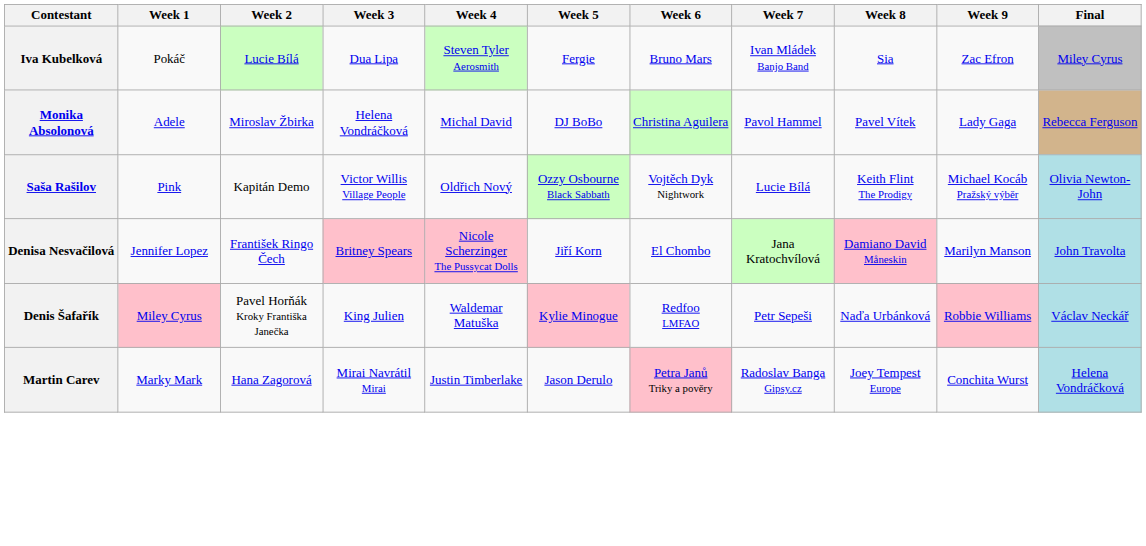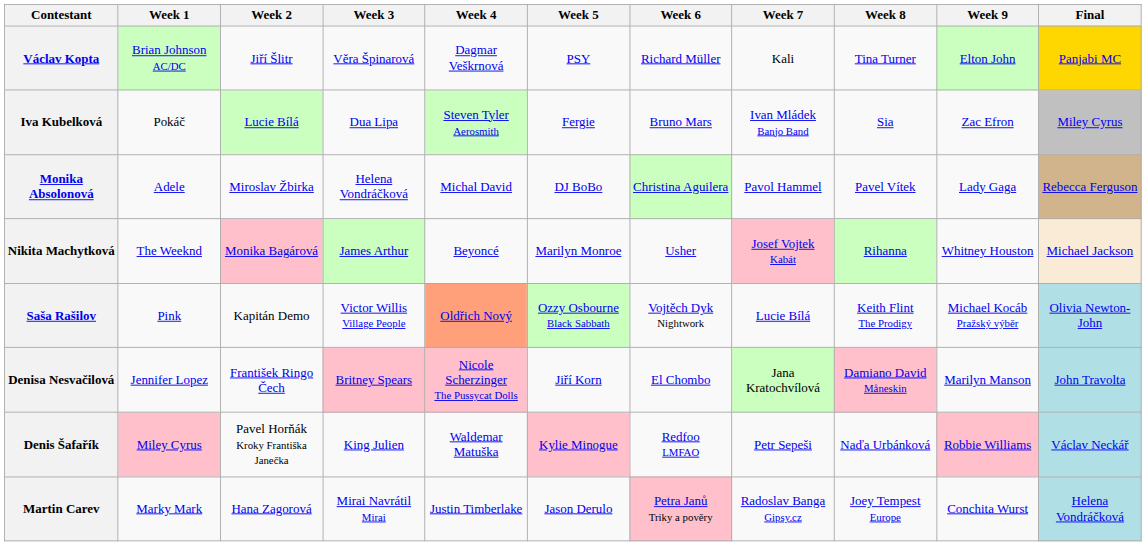 <table class="wikitable" style="font-size:90%; text-align:center; margin-left: auto; margin-right: auto">
 <tr>
 <th style="width: 10%;">Contestant</th>
 <th style="width: 9%;">Week 1</th>
 <th style="width: 9%;">Week 2</th>
 <th style="width: 9%;">Week 3</th>
 <th style="width: 9%;">Week 4</th>
 <th style="width: 9%;">Week 5</th>
 <th style="width: 9%;">Week 6</th>
 <th style="width: 9%;">Week 7</th>
 <th style="width: 9%;">Week 8</th>
 <th style="width: 9%;">Week 9</th>
 <th style="width: 9%;">Final</th>
+</tr>
+<tr>
+<th style=height:4.5em><a href='#'>Václav Kopta</a></th>
+<td style="background:#cbffc0"><a href='#'>Brian Johnson</a><br><small><a href='#'>AC/DC</a></small></td>
+<td><a href='#'>Jiří Šlitr</a></td>
+<td><a href='#'>Věra Špinarová</a></td>
+<td><a href='#'>Dagmar Veškrnová</a></td>
+<td><a href='#'>PSY</a></td>
+<td><a href='#'>Richard Müller</a></td>
+<td>Kali</td>
+<td><a href='#'>Tina Turner</a></td>
+<td style="background:#cbffc0"><a href='#'>Elton John</a></td>
+<td style="background:gold"><a href='#'>Panjabi MC</a></td>
 </tr>
 <tr>
 <th style=height:4.5em>Iva Kubelková</th>
 <td>Pokáč</td>
 <td style="background:#cbffc0"><a href='#'>Lucie Bílá</a></td>
 <td><a href='#'>Dua Lipa</a></td>
 <td style="background:#cbffc0"><a href='#'>Steven Tyler</a><br><small><a href='#'>Aerosmith</a></small></td>
 <td><a href='#'>Fergie</a></td>
 <td><a href='#'>Bruno Mars</a></td>
 <td><a href='#'>Ivan Mládek</a><br><small><a href='#'>Banjo Band</a></small></td>
 <td><a href='#'>Sia</a></td>
 <td><a href='#'>Zac Efron</a></td>
 <td style="background:silver"><a href='#'>Miley Cyrus</a></td>
 </tr>
 <tr>
 <th style=height:4.5em><a href='#'>Monika Absolonová</a></th>
 <td><a href='#'>Adele</a></td>
 <td><a href='#'>Miroslav Žbirka</a></td>
 <td><a href='#'>Helena Vondráčková</a></td>
 <td><a href='#'>Michal David</a></td>
 <td><a href='#'>DJ BoBo</a></td>
 <td style="background:#cbffc0"><a href='#'>Christina Aguilera</a></td>
 <td><a href='#'>Pavol Hammel</a></td>
 <td><a href='#'>Pavel Vítek</a></td>
 <td><a href='#'>Lady Gaga</a></td>
 <td style="background:tan"><a href='#'>Rebecca Ferguson</a></td>
 </tr>
 <tr>
+<th style=height:4.5em>Nikita Machytková</th>
+<td><a href='#'>The Weeknd</a></td>
+<td style="background:pink"><a href='#'>Monika Bagárová</a></td>
+<td style="background:#cbffc0"><a href='#'>James Arthur</a></td>
+<td><a href='#'>Beyoncé</a></td>
+<td><a href='#'>Marilyn Monroe</a></td>
+<td><a href='#'>Usher</a></td>
+<td style="background:pink"><a href='#'>Josef Vojtek</a><br><small><a href='#'>Kabát</a></small></td>
+<td style="background:#cbffc0"><a href='#'>Rihanna</a></td>
+<td><a href='#'>Whitney Houston</a></td>
+<td style="background:antiquewhite"><a href='#'>Michael Jackson</a></td>
+</tr>
+<tr>
 <th style=height:4.5em><a href='#'>Saša Rašilov</a></th>
 <td><a href='#'>Pink</a></td>
 <td>Kapitán Demo</td>
 <td><a href='#'>Victor Willis</a><br><small><a href='#'>Village People</a></small></td>
-<td><a href='#'>Oldřich Nový</a></td>
+<td style="background: lightsalmon;"><a href='#'>Oldřich Nový</a></td>
 <td style="background:#cbffc0"><a href='#'>Ozzy Osbourne</a><br><small><a href='#'>Black Sabbath</a></small></td>
 <td><a href='#'>Vojtěch Dyk</a><br><small>Nightwork</small></td>
 <td><a href='#'>Lucie Bílá</a></td>
 <td><a href='#'>Keith Flint</a><br><small><a href='#'>The Prodigy</a></small></td>
 <td><a href='#'>Michael Kocáb</a><br><small><a href='#'>Pražský výběr</a></small></td>
 <td style="background:#b0e0e6;"><a href='#'>Olivia Newton-John</a></td>
 </tr>
 <tr>
 <th style=height:4.5em>Denisa Nesvačilová</th>
 <td><a href='#'>Jennifer Lopez</a></td>
 <td><a href='#'>František Ringo Čech</a></td>
 <td style="background:pink"><a href='#'>Britney Spears</a></td>
 <td style="background:pink"><a href='#'>Nicole Scherzinger</a><br><small><a href='#'>The Pussycat Dolls</a></small></td>
 <td><a href='#'>Jiří Korn</a></td>
 <td><a href='#'>El Chombo</a></td>
 <td style="background:#cbffc0">Jana Kratochvílová</td>
 <td style="background:pink"><a href='#'>Damiano David</a><br><small><a href='#'>Måneskin</a></small></td>
 <td><a href='#'>Marilyn Manson</a></td>
 <td style="background:#b0e0e6;"><a href='#'>John Travolta</a></td>
 </tr>
 <tr>
 <th style=height:4.5em>Denis Šafařík</th>
 <td style="background:pink"><a href='#'>Miley Cyrus</a></td>
 <td>Pavel Horňák<br><small>Kroky Františka Janečka</small></td>
 <td><a href='#'>King Julien</a></td>
 <td><a href='#'>Waldemar Matuška</a></td>
 <td style="background:pink"><a href='#'>Kylie Minogue</a></td>
 <td><a href='#'>Redfoo</a><br><small><a href='#'>LMFAO</a></small></td>
 <td><a href='#'>Petr Sepeši</a></td>
 <td><a href='#'>Naďa Urbánková</a></td>
 <td style="background:pink"><a href='#'>Robbie Williams</a></td>
 <td style="background:#b0e0e6;"><a href='#'>Václav Neckář</a></td>
 </tr>
 <tr>
 <th style=height:4.5em>Martin Carev</th>
 <td><a href='#'>Marky Mark</a></td>
 <td><a href='#'>Hana Zagorová</a></td>
 <td><a href='#'>Mirai Navrátil</a><br><small><a href='#'>Mirai</a></small></td>
 <td><a href='#'>Justin Timberlake</a></td>
 <td><a href='#'>Jason Derulo</a></td>
 <td style="background:pink"><a href='#'>Petra Janů</a><br><small>Triky a pověry</small></td>
 <td><a href='#'>Radoslav Banga</a><br><small><a href='#'>Gipsy.cz</a></small></td>
 <td><a href='#'>Joey Tempest</a><br><small><a href='#'>Europe</a></small></td>
 <td><a href='#'>Conchita Wurst</a></td>
 <td style="background:#b0e0e6;"><a href='#'>Helena Vondráčková</a></td>
 </tr>
 </table>
